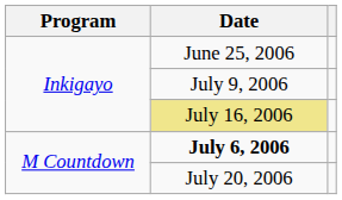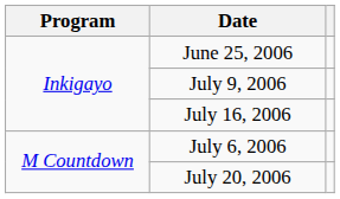 <table class="wikitable" style="text-align:center">
 <tr>
 <th width="110">Program</th>
 <th width="135">Date</th>
 <th></th>
 </tr>
 <tr>
 <td rowspan="3"><em><a href='#'>Inkigayo</a></em></td>
 <td>June 25, 2006</td>
 <td></td>
 </tr>
 <tr>
 <td>July 9, 2006</td>
 <td></td>
 </tr>
 <tr>
-<td style="background: khaki;">July 16, 2006</td>
+<td>July 16, 2006</td>
 <td></td>
 </tr>
 <tr>
 <td rowspan="2"><em><a href='#'>M Countdown</a></em></td>
-<td><strong>July 6, 2006</strong></td>
+<td>July 6, 2006</td>
 <td></td>
 </tr>
 <tr>
 <td>July 20, 2006</td>
 <td></td>
 </tr>
 </table>
